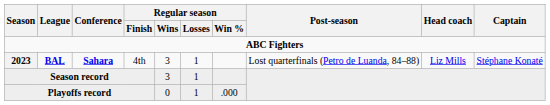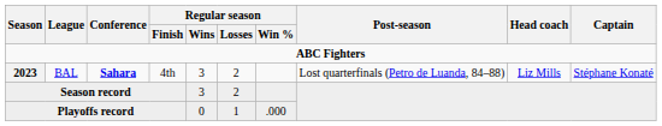 <table class="wikitable" style="font-size:95%; text-align:center">
 <tr>
 <th rowspan="2">Season</th>
 <th rowspan="2">League</th>
 <th rowspan="2">Conference</th>
 <th colspan="4">Regular season</th>
 <th rowspan="2">Post-season</th>
 <th rowspan="2">Head coach</th>
 <th rowspan="2">Captain</th>
 </tr>
 <tr>
 <th>Finish</th>
 <th>Wins</th>
 <th>Losses</th>
 <th>Win %</th>
 </tr>
 <tr>
 <td colspan="11" align="center"><strong>ABC Fighters</strong></td>
 </tr>
 <tr>
 <th>2023</th>
-<td><strong><a href='#'>BAL</a></strong></td>
+<td><a href='#'>BAL</a></td>
 <td><strong><a href='#'>Sahara</a></strong></td>
 <td>4th</td>
 <td>3</td>
-<td>1</td>
+<td>2</td>
 <td></td>
 <td>Lost quarterfinals (<a href='#'>Petro de Luanda</a>, 84–88)</td>
 <td><a href='#'>Liz Mills</a></td>
 <td><a href='#'>Stéphane Konaté</a></td>
 </tr>
 <tr>
 <th colspan="4" style="background:#eee;">Season record</th>
 <td style="background:#eee;">3</td>
-<td style="background:#eee;">1</td>
+<td style="background:#eee;">2</td>
 <td style="background:#eee;"></td>
 <td colspan="3" rowspan="2" style="background:#eee;"></td>
 </tr>
 <tr>
 <th colspan="4" style="background:#eee;">Playoffs record</th>
 <td style="background:#eee;">0</td>
 <td style="background:#eee;">1</td>
 <td style="background:#eee;">.000</td>
 </tr>
 </table>
